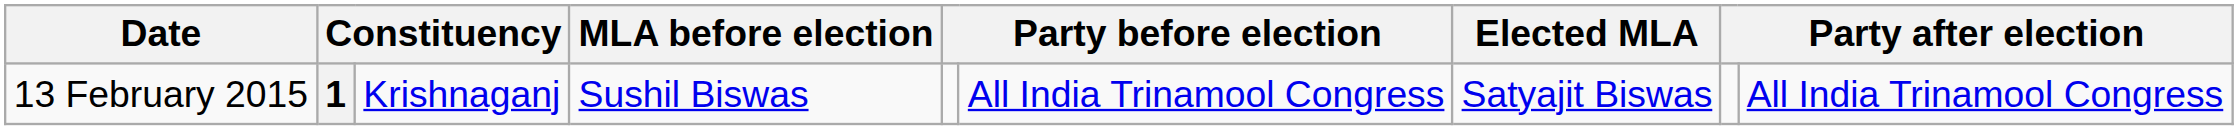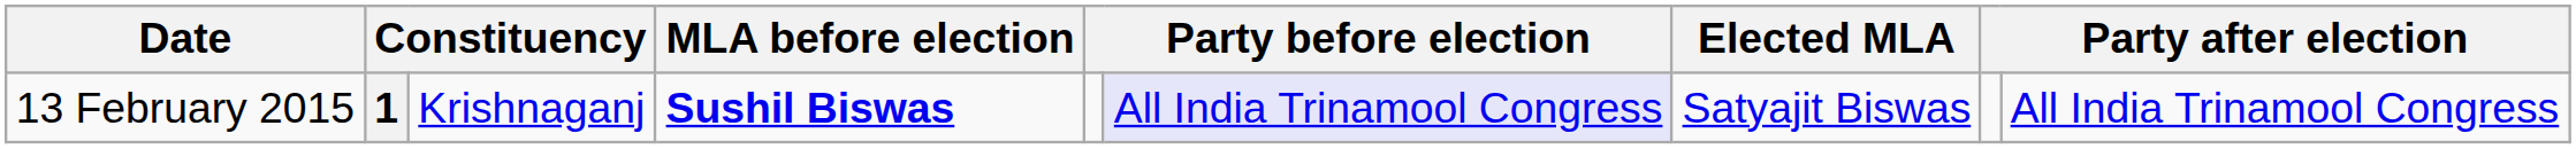 <table class="wikitable sortable">
 <tr>
 <th>Date</th>
 <th colspan="2">Constituency</th>
 <th>MLA before election</th>
 <th colspan="2">Party before election</th>
 <th>Elected MLA</th>
 <th colspan="2">Party after election</th>
 </tr>
 <tr>
 <td>13 February 2015</td>
 <th>1</th>
 <td><a href='#'>Krishnaganj</a></td>
-<td><a href='#'>Sushil Biswas</a></td>
+<td><strong><a href='#'>Sushil Biswas</a></strong></td>
 <td></td>
-<td><a href='#'>All India Trinamool Congress</a></td>
+<td style="background: lavender;"><a href='#'>All India Trinamool Congress</a></td>
 <td><a href='#'>Satyajit Biswas</a></td>
 <td></td>
 <td><a href='#'>All India Trinamool Congress</a></td>
 </tr>
 </table>
